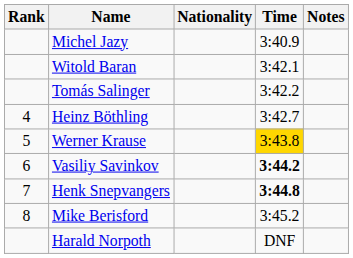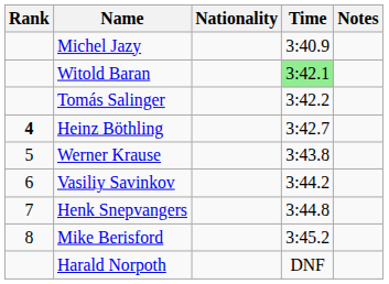 <table class="wikitable sortable" style="text-align:center">
 <tr>
 </tr>
 <tr>
 <th scope=col>Rank</th>
 <th scope=col>Name</th>
 <th scope=col>Nationality</th>
 <th scope=col>Time</th>
 <th scope=col>Notes</th>
 </tr>
 <tr>
 <td></td>
 <td align=left><a href='#'>Michel Jazy</a></td>
 <td align=left></td>
 <td>3:40.9</td>
 <td></td>
 </tr>
 <tr>
 <td></td>
 <td align=left><a href='#'>Witold Baran</a></td>
 <td align=left></td>
-<td>3:42.1</td>
+<td style="background: lightgreen;">3:42.1</td>
 <td></td>
 </tr>
 <tr>
 <td></td>
 <td align=left><a href='#'>Tomás Salinger</a></td>
 <td align=left></td>
 <td>3:42.2</td>
 <td></td>
 </tr>
 <tr>
-<td>4</td>
+<td><strong>4</strong></td>
 <td align=left><a href='#'>Heinz Böthling</a></td>
 <td align=left></td>
 <td>3:42.7</td>
 <td></td>
 </tr>
 <tr>
 <td>5</td>
 <td align=left><a href='#'>Werner Krause</a></td>
 <td align=left></td>
-<td style="background: gold;">3:43.8</td>
+<td>3:43.8</td>
 <td></td>
 </tr>
 <tr>
 <td>6</td>
 <td align=left><a href='#'>Vasiliy Savinkov</a></td>
 <td align=left></td>
-<td><strong>3:44.2</strong></td>
+<td>3:44.2</td>
 <td></td>
 </tr>
 <tr>
 <td>7</td>
 <td align=left><a href='#'>Henk Snepvangers</a></td>
 <td align=left></td>
-<td><strong>3:44.8</strong></td>
+<td>3:44.8</td>
 <td></td>
 </tr>
 <tr>
 <td>8</td>
 <td align=left><a href='#'>Mike Berisford</a></td>
 <td align=left></td>
 <td>3:45.2</td>
 <td></td>
 </tr>
 <tr>
 <td></td>
 <td align=left><a href='#'>Harald Norpoth</a></td>
 <td align=left></td>
 <td>DNF</td>
 <td></td>
 </tr>
 </table>
